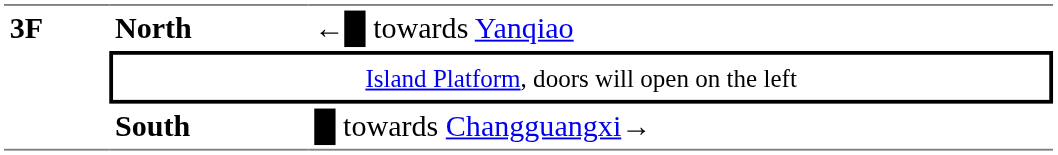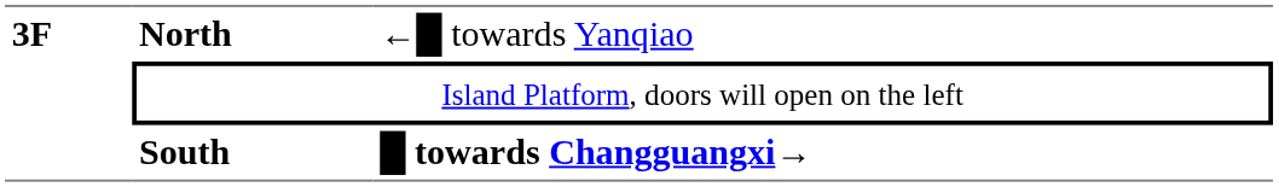 <table table border=0 cellspacing=0 cellpadding=3>
 <tr>
 <td style="border-top:solid 1px gray;border-bottom:solid 1px gray;" width=50 rowspan=4 valign=top><strong>3F</strong></td>
 <td style="border-top:solid 1px gray;" width=100><strong>North</strong></td>
 <td style="border-top:solid 1px gray;" width=390>←<span>█</span>  towards <a href='#'>Yanqiao</a></td>
 </tr>
 <tr>
 <td style="border-top:solid 2px black;border-right:solid 2px black;border-left:solid 2px black;border-bottom:solid 2px black;text-align:center;" colspan=2><small><a href='#'>Island Platform</a>, doors will open on the left</small></td>
 </tr>
 <tr>
 <td style="border-bottom:solid 1px gray;"><strong>South</strong></td>
-<td style="border-bottom:solid 1px gray;"><span>█</span> towards <a href='#'>Changguangxi</a>→</td>
+<td style="border-bottom:solid 1px gray;"><strong><span>█</span> towards <a href='#'>Changguangxi</a>→</strong></td>
 </tr>
 </table>
